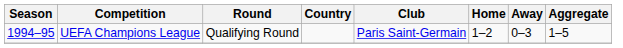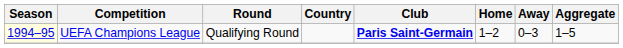 <table class="wikitable">
 <tr>
 <th>Season</th>
 <th>Competition</th>
 <th>Round</th>
 <th>Country</th>
 <th>Club</th>
 <th>Home</th>
 <th>Away</th>
 <th>Aggregate</th>
 </tr>
 <tr>
-<td><a href='#'>1994–95</a></td>
+<td style="background: lightyellow;"><a href='#'>1994–95</a></td>
 <td><a href='#'>UEFA Champions League</a></td>
 <td>Qualifying Round</td>
 <td></td>
-<td><a href='#'>Paris Saint-Germain</a></td>
+<td><strong><a href='#'>Paris Saint-Germain</a></strong></td>
 <td>1–2</td>
 <td>0–3</td>
 <td>1–5</td>
 </tr>
 <tr>
 </tr>
 </table>
